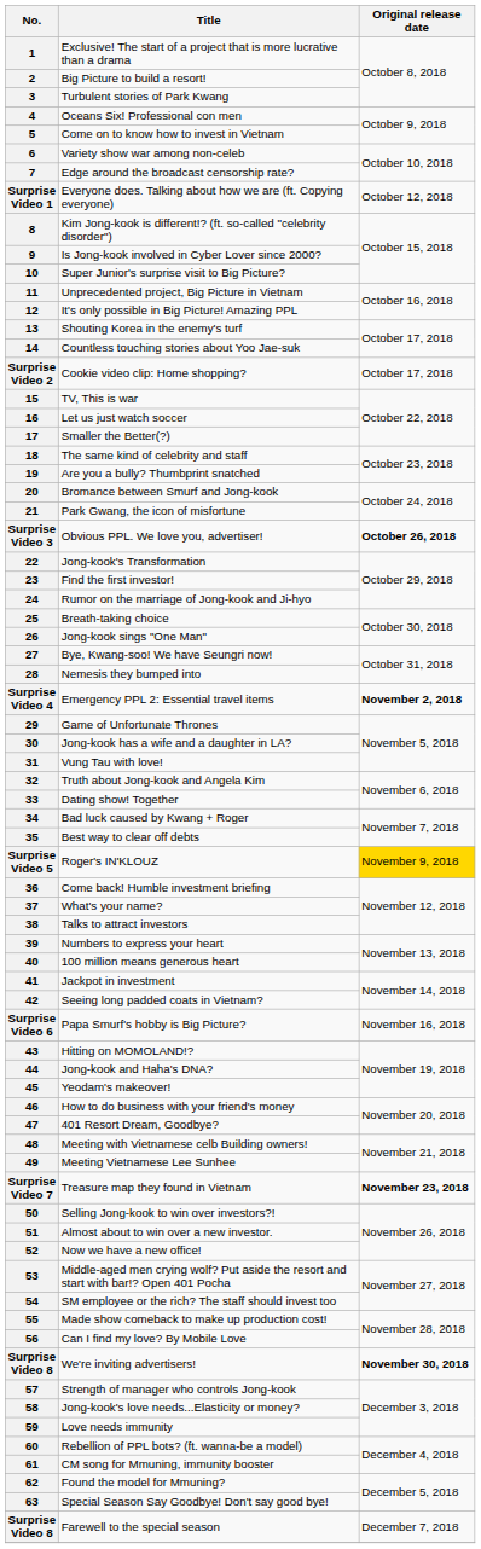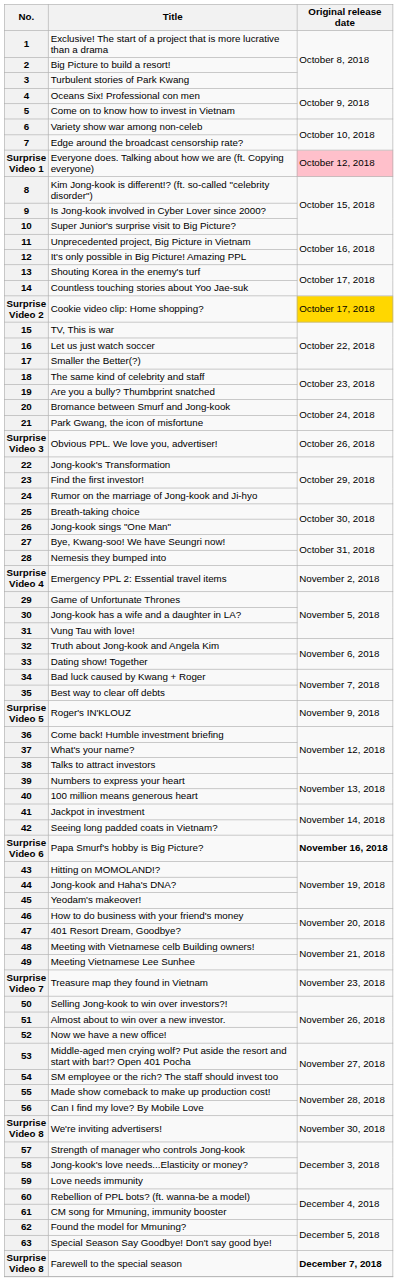 <table class="wikitable sortable mw-collapsible">
 <tr>
 <th width=50>No.</th>
 <th width=400>Title</th>
 <th width=150>Original release date</th>
 </tr>
 <tr>
 <th>1</th>
 <td>Exclusive! The start of a project that is more lucrative than a drama</td>
 <td rowspan="3">October 8, 2018</td>
 </tr>
 <tr>
 <th>2</th>
 <td>Big Picture to build a resort!</td>
 </tr>
 <tr>
 <th>3</th>
 <td>Turbulent stories of Park Kwang</td>
 </tr>
 <tr>
 <th>4</th>
 <td>Oceans Six! Professional con men</td>
 <td rowspan="2">October 9, 2018</td>
 </tr>
 <tr>
 <th>5</th>
 <td>Come on to know how to invest in Vietnam</td>
 </tr>
 <tr>
 <th>6</th>
 <td>Variety show war among non-celeb</td>
 <td rowspan="2">October 10, 2018</td>
 </tr>
 <tr>
 <th>7</th>
 <td>Edge around the broadcast censorship rate?</td>
 </tr>
 <tr>
 <th>Surprise Video 1</th>
 <td>Everyone does. Talking about how we are (ft. Copying everyone)</td>
-<td>October 12, 2018</td>
+<td style="background: pink;">October 12, 2018</td>
 </tr>
 <tr>
 <th>8</th>
 <td>Kim Jong-kook is different!? (ft. so-called "celebrity disorder")</td>
 <td rowspan="3">October 15, 2018</td>
 </tr>
 <tr>
 <th>9</th>
 <td>Is Jong-kook involved in Cyber Lover since 2000?</td>
 </tr>
 <tr>
 <th>10</th>
 <td>Super Junior's surprise visit to Big Picture?</td>
 </tr>
 <tr>
 <th>11</th>
 <td>Unprecedented project, Big Picture in Vietnam</td>
 <td rowspan="2">October 16, 2018</td>
 </tr>
 <tr>
 <th>12</th>
 <td>It's only possible in Big Picture! Amazing PPL</td>
 </tr>
 <tr>
 <th>13</th>
 <td>Shouting Korea in the enemy's turf</td>
 <td rowspan="2">October 17, 2018</td>
 </tr>
 <tr>
 <th>14</th>
 <td>Countless touching stories about Yoo Jae-suk</td>
 </tr>
 <tr>
 <th>Surprise Video 2</th>
 <td>Cookie video clip: Home shopping?</td>
-<td>October 17, 2018</td>
+<td style="background: gold;">October 17, 2018</td>
 </tr>
 <tr>
 <th>15</th>
 <td>TV, This is war</td>
 <td rowspan="3">October 22, 2018</td>
 </tr>
 <tr>
 <th>16</th>
 <td>Let us just watch soccer</td>
 </tr>
 <tr>
 <th>17</th>
 <td>Smaller the Better(?)</td>
 </tr>
 <tr>
 <th>18</th>
 <td>The same kind of celebrity and staff</td>
 <td rowspan="2">October 23, 2018</td>
 </tr>
 <tr>
 <th>19</th>
 <td>Are you a bully? Thumbprint snatched</td>
 </tr>
 <tr>
 <th>20</th>
 <td>Bromance between Smurf and Jong-kook</td>
 <td rowspan="2">October 24, 2018</td>
 </tr>
 <tr>
 <th>21</th>
 <td>Park Gwang, the icon of misfortune</td>
 </tr>
 <tr>
 <th>Surprise Video 3</th>
 <td>Obvious PPL. We love you, advertiser!</td>
-<td><strong>October 26, 2018</strong></td>
+<td>October 26, 2018</td>
 </tr>
 <tr>
 <th>22</th>
 <td>Jong-kook's Transformation</td>
 <td rowspan="3">October 29, 2018</td>
 </tr>
 <tr>
 <th>23</th>
 <td>Find the first investor!</td>
 </tr>
 <tr>
 <th>24</th>
 <td>Rumor on the marriage of Jong-kook and Ji-hyo</td>
 </tr>
 <tr>
 <th>25</th>
 <td>Breath-taking choice</td>
 <td rowspan="2">October 30, 2018</td>
 </tr>
 <tr>
 <th>26</th>
 <td>Jong-kook sings "One Man"</td>
 </tr>
 <tr>
 <th>27</th>
 <td>Bye, Kwang-soo! We have Seungri now!</td>
 <td rowspan="2">October 31, 2018</td>
 </tr>
 <tr>
 <th>28</th>
 <td>Nemesis they bumped into</td>
 </tr>
 <tr>
 <th>Surprise Video 4</th>
 <td>Emergency PPL 2: Essential travel items</td>
-<td><strong>November 2, 2018</strong></td>
+<td>November 2, 2018</td>
 </tr>
 <tr>
 <th>29</th>
 <td>Game of Unfortunate Thrones</td>
 <td rowspan="3">November 5, 2018</td>
 </tr>
 <tr>
 <th>30</th>
 <td>Jong-kook has a wife and a daughter in LA?</td>
 </tr>
 <tr>
 <th>31</th>
 <td>Vung Tau with love!</td>
 </tr>
 <tr>
 <th>32</th>
 <td>Truth about Jong-kook and Angela Kim</td>
 <td rowspan="2">November 6, 2018</td>
 </tr>
 <tr>
 <th>33</th>
 <td>Dating show! Together</td>
 </tr>
 <tr>
 <th>34</th>
 <td>Bad luck caused by Kwang + Roger</td>
 <td rowspan="2">November 7, 2018</td>
 </tr>
 <tr>
 <th>35</th>
 <td>Best way to clear off debts</td>
 </tr>
 <tr>
 <th>Surprise Video 5</th>
 <td>Roger's IN'KLOUZ</td>
-<td style="background: gold;">November 9, 2018</td>
+<td>November 9, 2018</td>
 </tr>
 <tr>
 <th>36</th>
 <td>Come back! Humble investment briefing</td>
 <td rowspan="3">November 12, 2018</td>
 </tr>
 <tr>
 <th>37</th>
 <td>What's your name?</td>
 </tr>
 <tr>
 <th>38</th>
 <td>Talks to attract investors</td>
 </tr>
 <tr>
 <th>39</th>
 <td>Numbers to express your heart</td>
 <td rowspan="2">November 13, 2018</td>
 </tr>
 <tr>
 <th>40</th>
 <td>100 million means generous heart</td>
 </tr>
 <tr>
 <th>41</th>
 <td>Jackpot in investment</td>
 <td rowspan="2">November 14, 2018</td>
 </tr>
 <tr>
 <th>42</th>
 <td>Seeing long padded coats in Vietnam?</td>
 </tr>
 <tr>
 <th>Surprise Video 6</th>
 <td>Papa Smurf's hobby is Big Picture?</td>
-<td>November 16, 2018</td>
+<td><strong>November 16, 2018</strong></td>
 </tr>
 <tr>
 <th>43</th>
 <td>Hitting on MOMOLAND!?</td>
 <td rowspan="3">November 19, 2018</td>
 </tr>
 <tr>
 <th>44</th>
 <td>Jong-kook and Haha's DNA?</td>
 </tr>
 <tr>
 <th>45</th>
 <td>Yeodam's makeover!</td>
 </tr>
 <tr>
 <th>46</th>
 <td>How to do business with your friend's money</td>
 <td rowspan="2">November 20, 2018</td>
 </tr>
 <tr>
 <th>47</th>
 <td>401 Resort Dream, Goodbye?</td>
 </tr>
 <tr>
 <th>48</th>
 <td>Meeting with Vietnamese celb Building owners!</td>
 <td rowspan="2">November 21, 2018</td>
 </tr>
 <tr>
 <th>49</th>
 <td>Meeting Vietnamese Lee Sunhee</td>
 </tr>
 <tr>
 <th>Surprise Video 7</th>
 <td>Treasure map they found in Vietnam</td>
-<td><strong>November 23, 2018</strong></td>
+<td>November 23, 2018</td>
 </tr>
 <tr>
 <th>50</th>
 <td>Selling Jong-kook to win over investors?!</td>
 <td rowspan="3">November 26, 2018</td>
 </tr>
 <tr>
 <th>51</th>
 <td>Almost about to win over a new investor.</td>
 </tr>
 <tr>
 <th>52</th>
 <td>Now we have a new office!</td>
 </tr>
 <tr>
 <th>53</th>
 <td>Middle-aged men crying wolf? Put aside the resort and start with bar!? Open 401 Pocha</td>
 <td rowspan="2">November 27, 2018</td>
 </tr>
 <tr>
 <th>54</th>
 <td>SM  employee or the rich? The staff should invest too</td>
 </tr>
 <tr>
 <th>55</th>
 <td>Made show comeback to make up production cost!</td>
 <td rowspan="2">November 28, 2018</td>
 </tr>
 <tr>
 <th>56</th>
 <td>Can I find my love? By Mobile Love</td>
 </tr>
 <tr>
 <th>Surprise Video 8</th>
 <td>We're inviting advertisers!</td>
-<td><strong>November 30, 2018</strong></td>
+<td>November 30, 2018</td>
 </tr>
 <tr>
 <th>57</th>
 <td>Strength of manager who controls Jong-kook</td>
 <td rowspan="3">December 3, 2018</td>
 </tr>
 <tr>
 <th>58</th>
 <td>Jong-kook's love needs...Elasticity or money?</td>
 </tr>
 <tr>
 <th>59</th>
 <td>Love needs immunity</td>
 </tr>
 <tr>
 <th>60</th>
 <td>Rebellion of PPL bots? (ft. wanna-be a model)</td>
 <td rowspan="2">December 4, 2018</td>
 </tr>
 <tr>
 <th>61</th>
 <td>CM song for Mmuning, immunity booster</td>
 </tr>
 <tr>
 <th>62</th>
 <td>Found the model for Mmuning?</td>
 <td rowspan="2">December 5, 2018</td>
 </tr>
 <tr>
 <th>63</th>
 <td>Special Season Say Goodbye! Don't say good bye!</td>
 </tr>
 <tr>
 <th>Surprise Video 8</th>
 <td>Farewell to the special season</td>
-<td>December 7, 2018</td>
+<td><strong>December 7, 2018</strong></td>
 </tr>
 <tr>
 </tr>
 </table>
